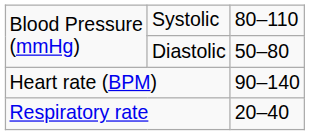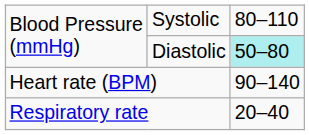 <table class="wikitable" align="right">
 <tr>
 <td rowspan=2>Blood Pressure<br> (<a href='#'>mmHg</a>)</td>
 <td>Systolic</td>
 <td>80–110</td>
 </tr>
 <tr>
 <td>Diastolic</td>
-<td>50–80</td>
+<td style="background: paleturquoise;">50–80</td>
 </tr>
 <tr>
 <td colspan=2>Heart rate (<a href='#'>BPM</a>)</td>
 <td>90–140</td>
 </tr>
 <tr>
 <td colspan=2><a href='#'>Respiratory rate</a></td>
 <td>20–40</td>
 </tr>
 </table>
